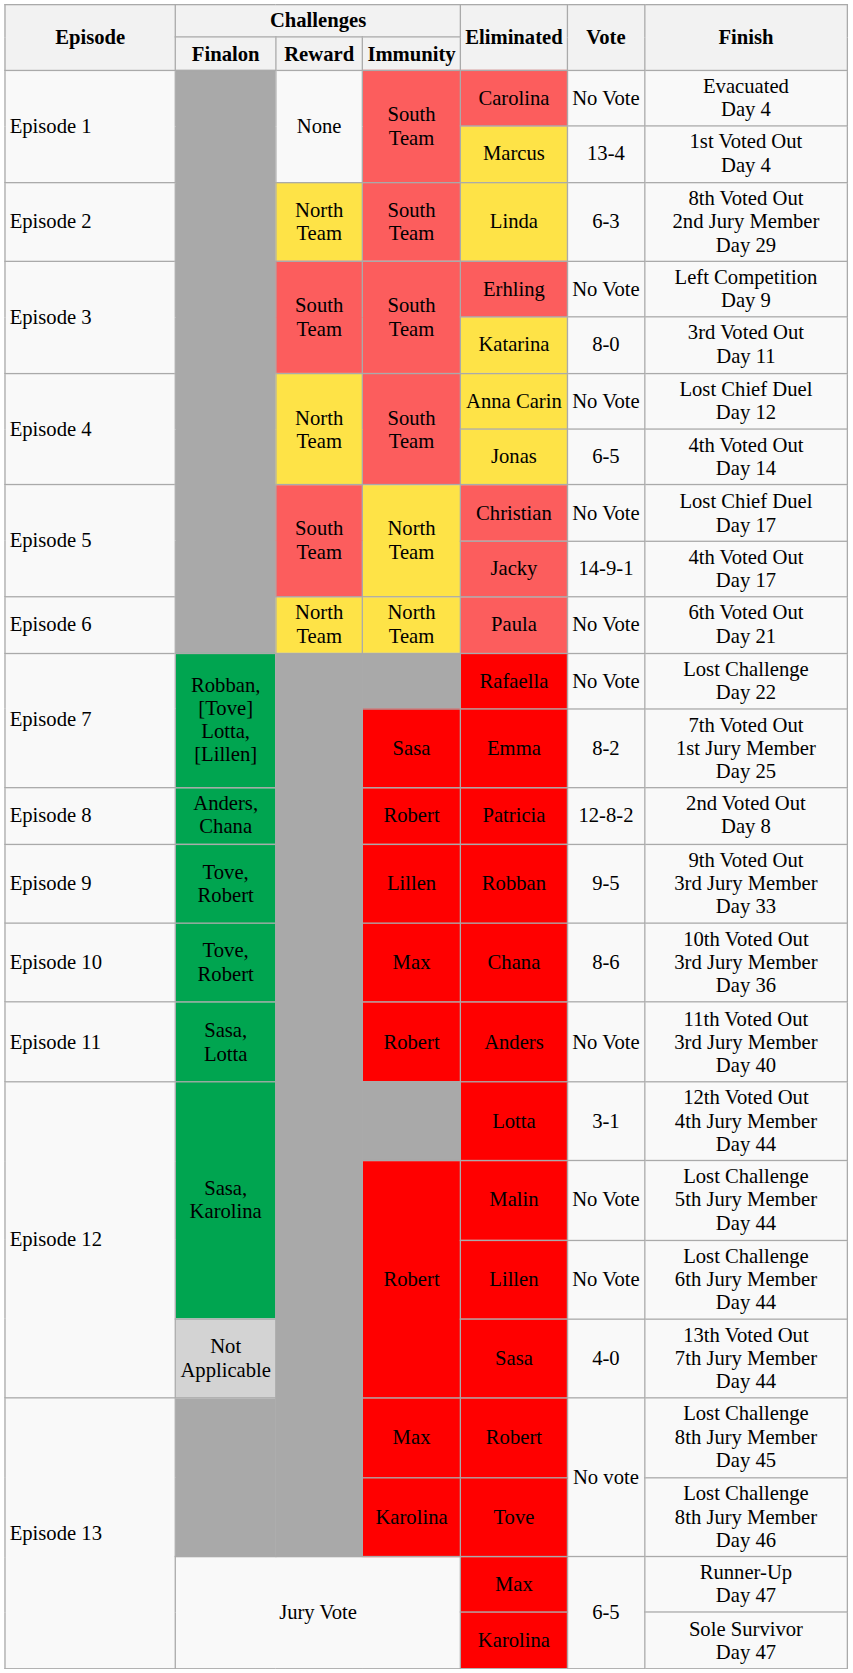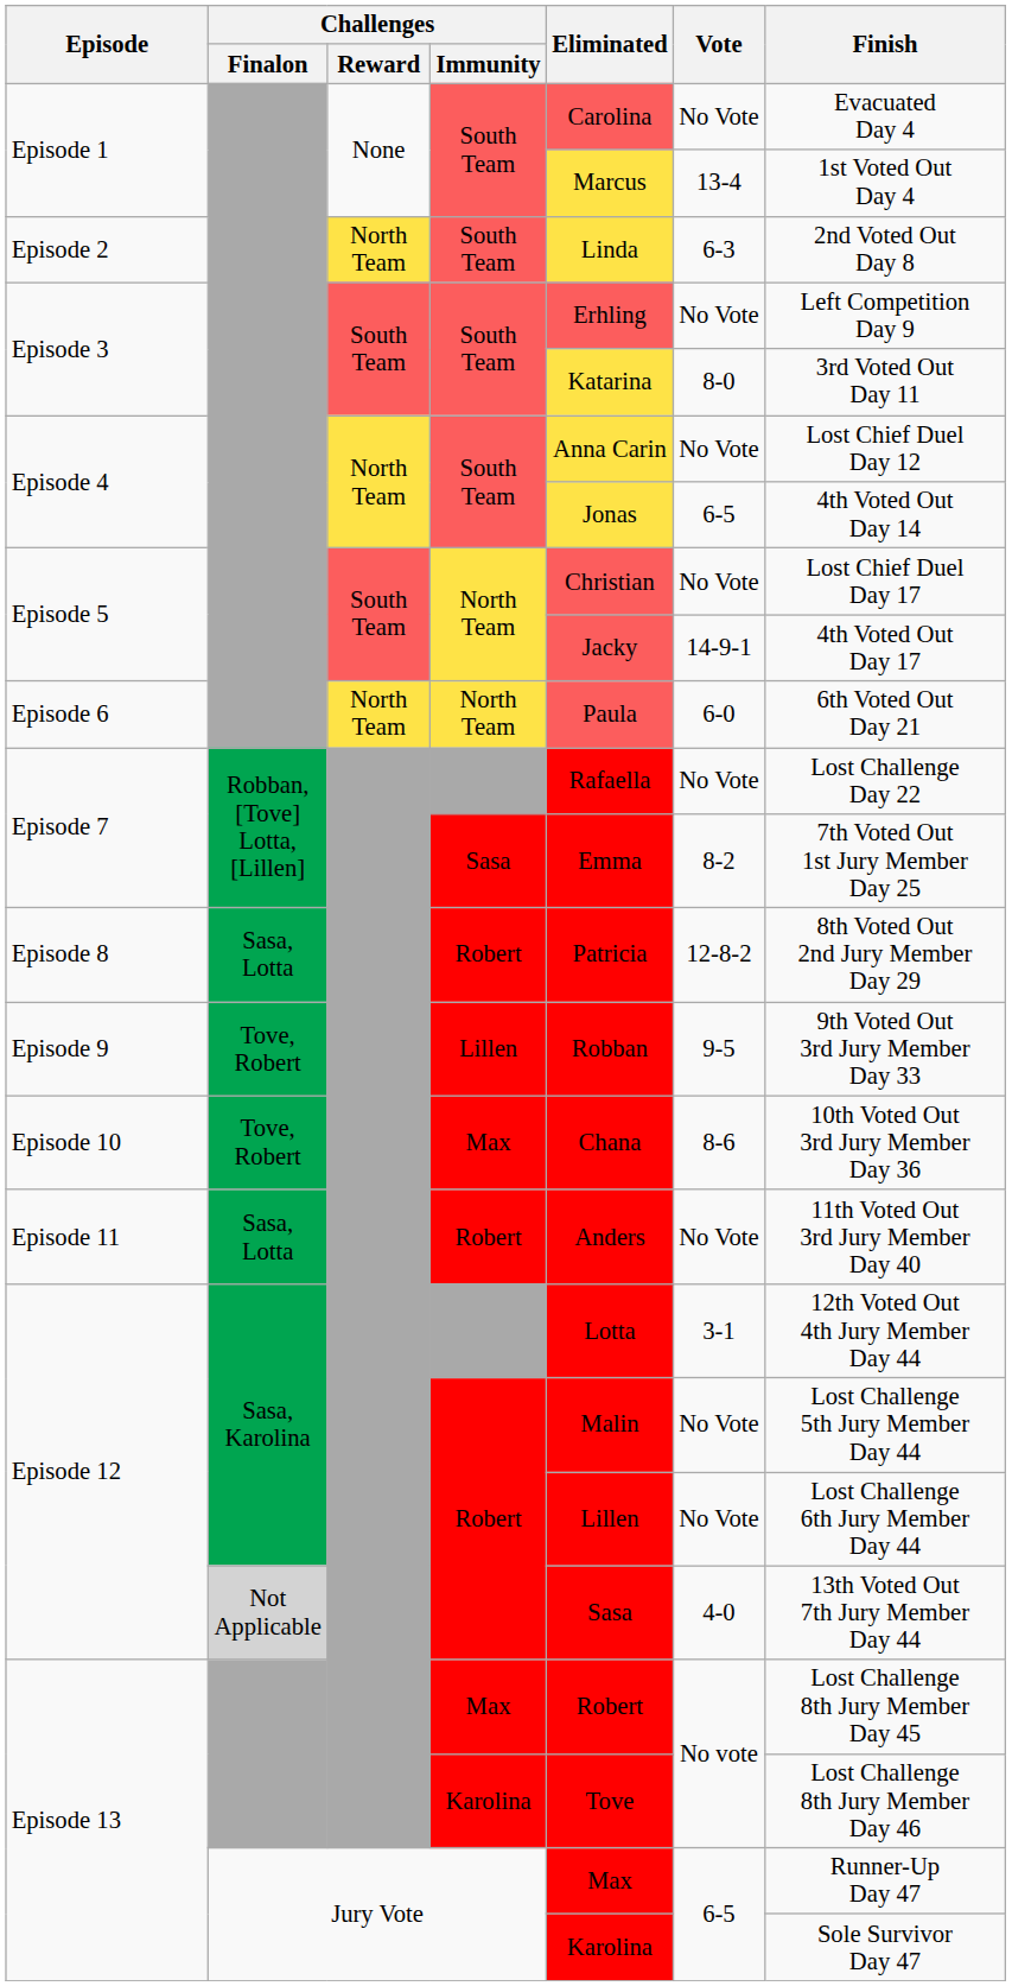 <table class="wikitable" style="margin:auto; text-align:center">
 <tr>
 <th rowspan=2 width="125">Episode</th>
 <th colspan=3>Challenges</th>
 <th rowspan=2 width="60">Eliminated</th>
 <th rowspan=2>Vote</th>
 <th rowspan=2 width="150">Finish</th>
 </tr>
 <tr>
 <th width="60">Finalon</th>
 <th width="60">Reward</th>
 <th width="60">Immunity</th>
 </tr>
 <tr>
 <td align="left" rowspan="2">Episode 1</td>
 <td rowspan="10" bgcolor="darkgray"></td>
 <td rowspan="2">None</td>
 <td bgcolor="#FC5D5D" rowspan="2">South Team</td>
 <td bgcolor="#FC5D5D">Carolina</td>
 <td>No Vote</td>
 <td>Evacuated<br>Day 4</td>
 </tr>
 <tr>
 <td bgcolor="#FEE347">Marcus</td>
 <td>13-4</td>
 <td>1st Voted Out<br>Day 4</td>
 </tr>
 <tr>
 <td align="left">Episode 2</td>
 <td bgcolor="#FEE347">North Team</td>
 <td bgcolor="#FC5D5D">South Team</td>
 <td bgcolor="#FEE347">Linda</td>
 <td>6-3</td>
-<td>8th Voted Out<br>2nd Jury Member<br>Day 29</td>
+<td>2nd Voted Out<br>Day 8</td>
 </tr>
 <tr>
 <td align="left" rowspan="2">Episode 3</td>
 <td bgcolor="#FC5D5D" rowspan="2">South Team</td>
 <td bgcolor="#FC5D5D" rowspan="2">South Team</td>
 <td bgcolor="#FC5D5D">Erhling</td>
 <td>No Vote</td>
 <td>Left Competition<br>Day 9</td>
 </tr>
 <tr>
 <td bgcolor="#FEE347">Katarina</td>
 <td>8-0</td>
 <td>3rd Voted Out<br>Day 11</td>
 </tr>
 <tr>
 <td align="left" rowspan="2">Episode 4</td>
 <td bgcolor="#FEE347" rowspan="2">North Team</td>
 <td bgcolor="#FC5D5D" rowspan="2">South Team</td>
 <td bgcolor="#FEE347">Anna Carin</td>
 <td>No Vote</td>
 <td>Lost Chief Duel<br>Day 12</td>
 </tr>
 <tr>
 <td bgcolor="#FEE347">Jonas</td>
 <td>6-5</td>
 <td>4th Voted Out<br>Day 14</td>
 </tr>
 <tr>
 <td align="left" rowspan="2">Episode 5</td>
 <td bgcolor="#FC5D5D" rowspan="2">South Team</td>
 <td bgcolor="#FEE347" rowspan="2">North Team</td>
 <td bgcolor="#FC5D5D">Christian</td>
 <td>No Vote</td>
 <td>Lost Chief Duel<br>Day 17</td>
 </tr>
 <tr>
 <td bgcolor="#FC5D5D">Jacky</td>
 <td>14-9-1</td>
 <td>4th Voted Out<br>Day 17</td>
 </tr>
 <tr>
 <td align="left">Episode 6</td>
 <td bgcolor="#FEE347">North Team</td>
 <td bgcolor="#FEE347">North Team</td>
 <td bgcolor="#FC5D5D">Paula</td>
-<td>No Vote</td>
+<td>6-0</td>
 <td>6th Voted Out<br>Day 21</td>
 </tr>
 <tr>
 <td align="left" rowspan="2">Episode 7</td>
 <td rowspan="2" bgcolor="#00A550">Robban, [Tove]<br>Lotta, [Lillen]</td>
 <td rowspan="12" bgcolor="darkgray"></td>
 <td bgcolor="darkgray" rowspan="1"></td>
 <td bgcolor="red">Rafaella</td>
 <td>No Vote</td>
 <td>Lost Challenge<br>Day 22</td>
 </tr>
 <tr>
 <td bgcolor="red" rowspan="1">Sasa</td>
 <td bgcolor="red">Emma</td>
 <td>8-2</td>
 <td>7th Voted Out<br>1st Jury Member<br>Day 25</td>
 </tr>
 <tr>
 <td align="left">Episode 8</td>
-<td bgcolor="#00A550">Anders,<br>Chana</td>
+<td bgcolor="#00A550">Sasa,<br>Lotta</td>
 <td bgcolor="red">Robert</td>
 <td bgcolor="red">Patricia</td>
 <td>12-8-2</td>
-<td>2nd Voted Out<br>Day 8</td>
+<td>8th Voted Out<br>2nd Jury Member<br>Day 29</td>
 </tr>
 <tr>
 <td align="left">Episode 9</td>
 <td bgcolor="#00A550">Tove,<br>Robert</td>
 <td bgcolor="red">Lillen</td>
 <td bgcolor="red">Robban</td>
 <td>9-5</td>
 <td>9th Voted Out<br>3rd Jury Member<br>Day 33</td>
 </tr>
 <tr>
 <td align="left">Episode 10</td>
 <td bgcolor="#00A550">Tove,<br>Robert</td>
 <td bgcolor="red">Max</td>
 <td bgcolor="red">Chana</td>
 <td>8-6</td>
 <td>10th Voted Out<br>3rd Jury Member<br>Day 36</td>
 </tr>
 <tr>
 <td align="left">Episode 11</td>
 <td bgcolor="#00A550">Sasa,<br>Lotta</td>
 <td bgcolor="red">Robert</td>
 <td bgcolor="red">Anders</td>
 <td>No Vote</td>
 <td>11th Voted Out<br>3rd Jury Member<br>Day 40</td>
 </tr>
 <tr>
 <td align="left" rowspan="4">Episode 12</td>
 <td bgcolor="#00A550" rowspan="3">Sasa,<br>Karolina</td>
 <td bgcolor="darkgray"></td>
 <td bgcolor="red">Lotta</td>
 <td>3-1</td>
 <td>12th Voted Out<br>4th Jury Member<br>Day 44</td>
 </tr>
 <tr>
 <td bgcolor="red" rowspan="3">Robert</td>
 <td bgcolor="red">Malin</td>
 <td>No Vote</td>
 <td>Lost Challenge<br>5th Jury Member<br>Day 44</td>
 </tr>
 <tr>
 <td bgcolor="red">Lillen</td>
 <td>No Vote</td>
 <td>Lost Challenge<br>6th Jury Member<br>Day 44</td>
 </tr>
 <tr>
 <td bgcolor="lightgray">Not Applicable</td>
 <td bgcolor="red">Sasa</td>
 <td>4-0</td>
 <td>13th Voted Out<br>7th Jury Member<br>Day 44</td>
 </tr>
 <tr>
 <td rowspan=4 align="left">Episode 13</td>
 <td bgcolor="darkgray" rowspan="2"></td>
 <td bgcolor="red">Max</td>
 <td bgcolor="red">Robert</td>
 <td rowspan=2>No vote</td>
 <td>Lost Challenge<br>8th Jury Member<br>Day 45</td>
 </tr>
 <tr>
 <td bgcolor="red">Karolina</td>
 <td bgcolor="red">Tove</td>
 <td>Lost Challenge<br>8th Jury Member<br>Day 46</td>
 </tr>
 <tr>
 <td rowspan=2 colspan=3>Jury Vote</td>
 <td bgcolor="red">Max</td>
 <td rowspan=2>6-5</td>
 <td>Runner-Up<br>Day 47</td>
 </tr>
 <tr>
 <td bgcolor="red">Karolina</td>
 <td>Sole Survivor<br>Day 47</td>
 </tr>
 </table>
